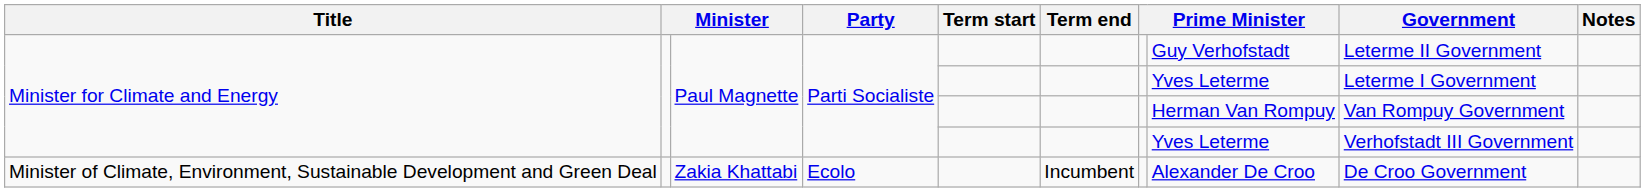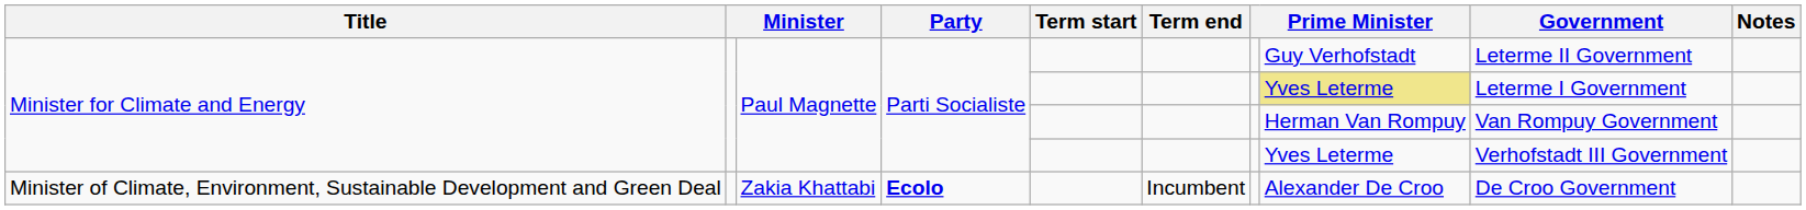 <table class="wikitable sortable">
 <tr>
 <th>Title</th>
 <th colspan=2><a href='#'>Minister</a></th>
 <th><a href='#'>Party</a></th>
 <th>Term start</th>
 <th>Term end</th>
 <th colspan=2><a href='#'>Prime Minister</a></th>
 <th><a href='#'>Government</a></th>
 <th class="unsortable">Notes</th>
 </tr>
 <tr>
 <td rowspan=4><a href='#'>Minister for Climate and Energy</a></td>
 <td rowspan=4 bgcolor=></td>
 <td rowspan=4><a href='#'>Paul Magnette</a></td>
 <td rowspan=4><a href='#'>Parti Socialiste</a></td>
 <td></td>
 <td></td>
 <td style="color:inherit;background:"></td>
 <td><a href='#'>Guy Verhofstadt</a></td>
 <td><a href='#'>Leterme II Government</a></td>
 <td></td>
 </tr>
 <tr>
 <td></td>
 <td></td>
 <td style="color:inherit;background:"></td>
-<td><a href='#'>Yves Leterme</a></td>
+<td style="background: khaki;"><a href='#'>Yves Leterme</a></td>
 <td><a href='#'>Leterme I Government</a></td>
 <td></td>
 </tr>
 <tr>
 <td></td>
 <td></td>
 <td style="color:inherit;background:"></td>
 <td><a href='#'>Herman Van Rompuy</a></td>
 <td><a href='#'>Van Rompuy Government</a></td>
 <td></td>
 </tr>
 <tr>
 <td></td>
 <td></td>
 <td style="color:inherit;background:"></td>
 <td><a href='#'>Yves Leterme</a></td>
 <td><a href='#'>Verhofstadt III Government</a></td>
 <td></td>
 </tr>
 <tr>
 <td>Minister of Climate, Environment, Sustainable Development and Green Deal</td>
 <td style="color:inherit;background:"></td>
 <td><a href='#'>Zakia Khattabi</a></td>
-<td><a href='#'>Ecolo</a></td>
+<td><strong><a href='#'>Ecolo</a></strong></td>
 <td></td>
 <td>Incumbent</td>
 <td style="color:inherit;background:"></td>
 <td><a href='#'>Alexander De Croo</a></td>
 <td><a href='#'>De Croo Government</a></td>
 <td></td>
 </tr>
 </table>
